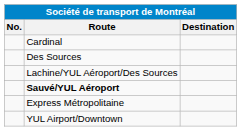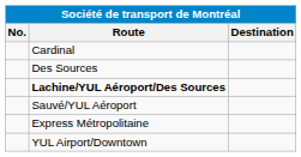 <table align=center class="wikitable">
 <tr>
 <th style="background: #0085CA; font-size:100%; color:#FFFFFF;"colspan="4">Société de transport de Montréal</th>
 </tr>
 <tr>
 <th>No.</th>
 <th>Route</th>
 <th>Destination</th>
 </tr>
 <tr>
 <td></td>
 <td>Cardinal</td>
 <td></td>
 </tr>
 <tr>
 <td></td>
 <td>Des Sources</td>
 <td></td>
 </tr>
 <tr>
 <td></td>
-<td>Lachine/YUL Aéroport/Des Sources</td>
+<td><strong>Lachine/YUL Aéroport/Des Sources</strong></td>
 <td></td>
 </tr>
 <tr>
 <td></td>
-<td><strong>Sauvé/YUL Aéroport</strong></td>
+<td>Sauvé/YUL Aéroport</td>
 <td></td>
 </tr>
 <tr>
 <td></td>
 <td>Express Métropolitaine</td>
 <td></td>
 </tr>
 <tr>
 <td> </td>
 <td>YUL Airport/Downtown</td>
 <td></td>
 </tr>
 </table>
